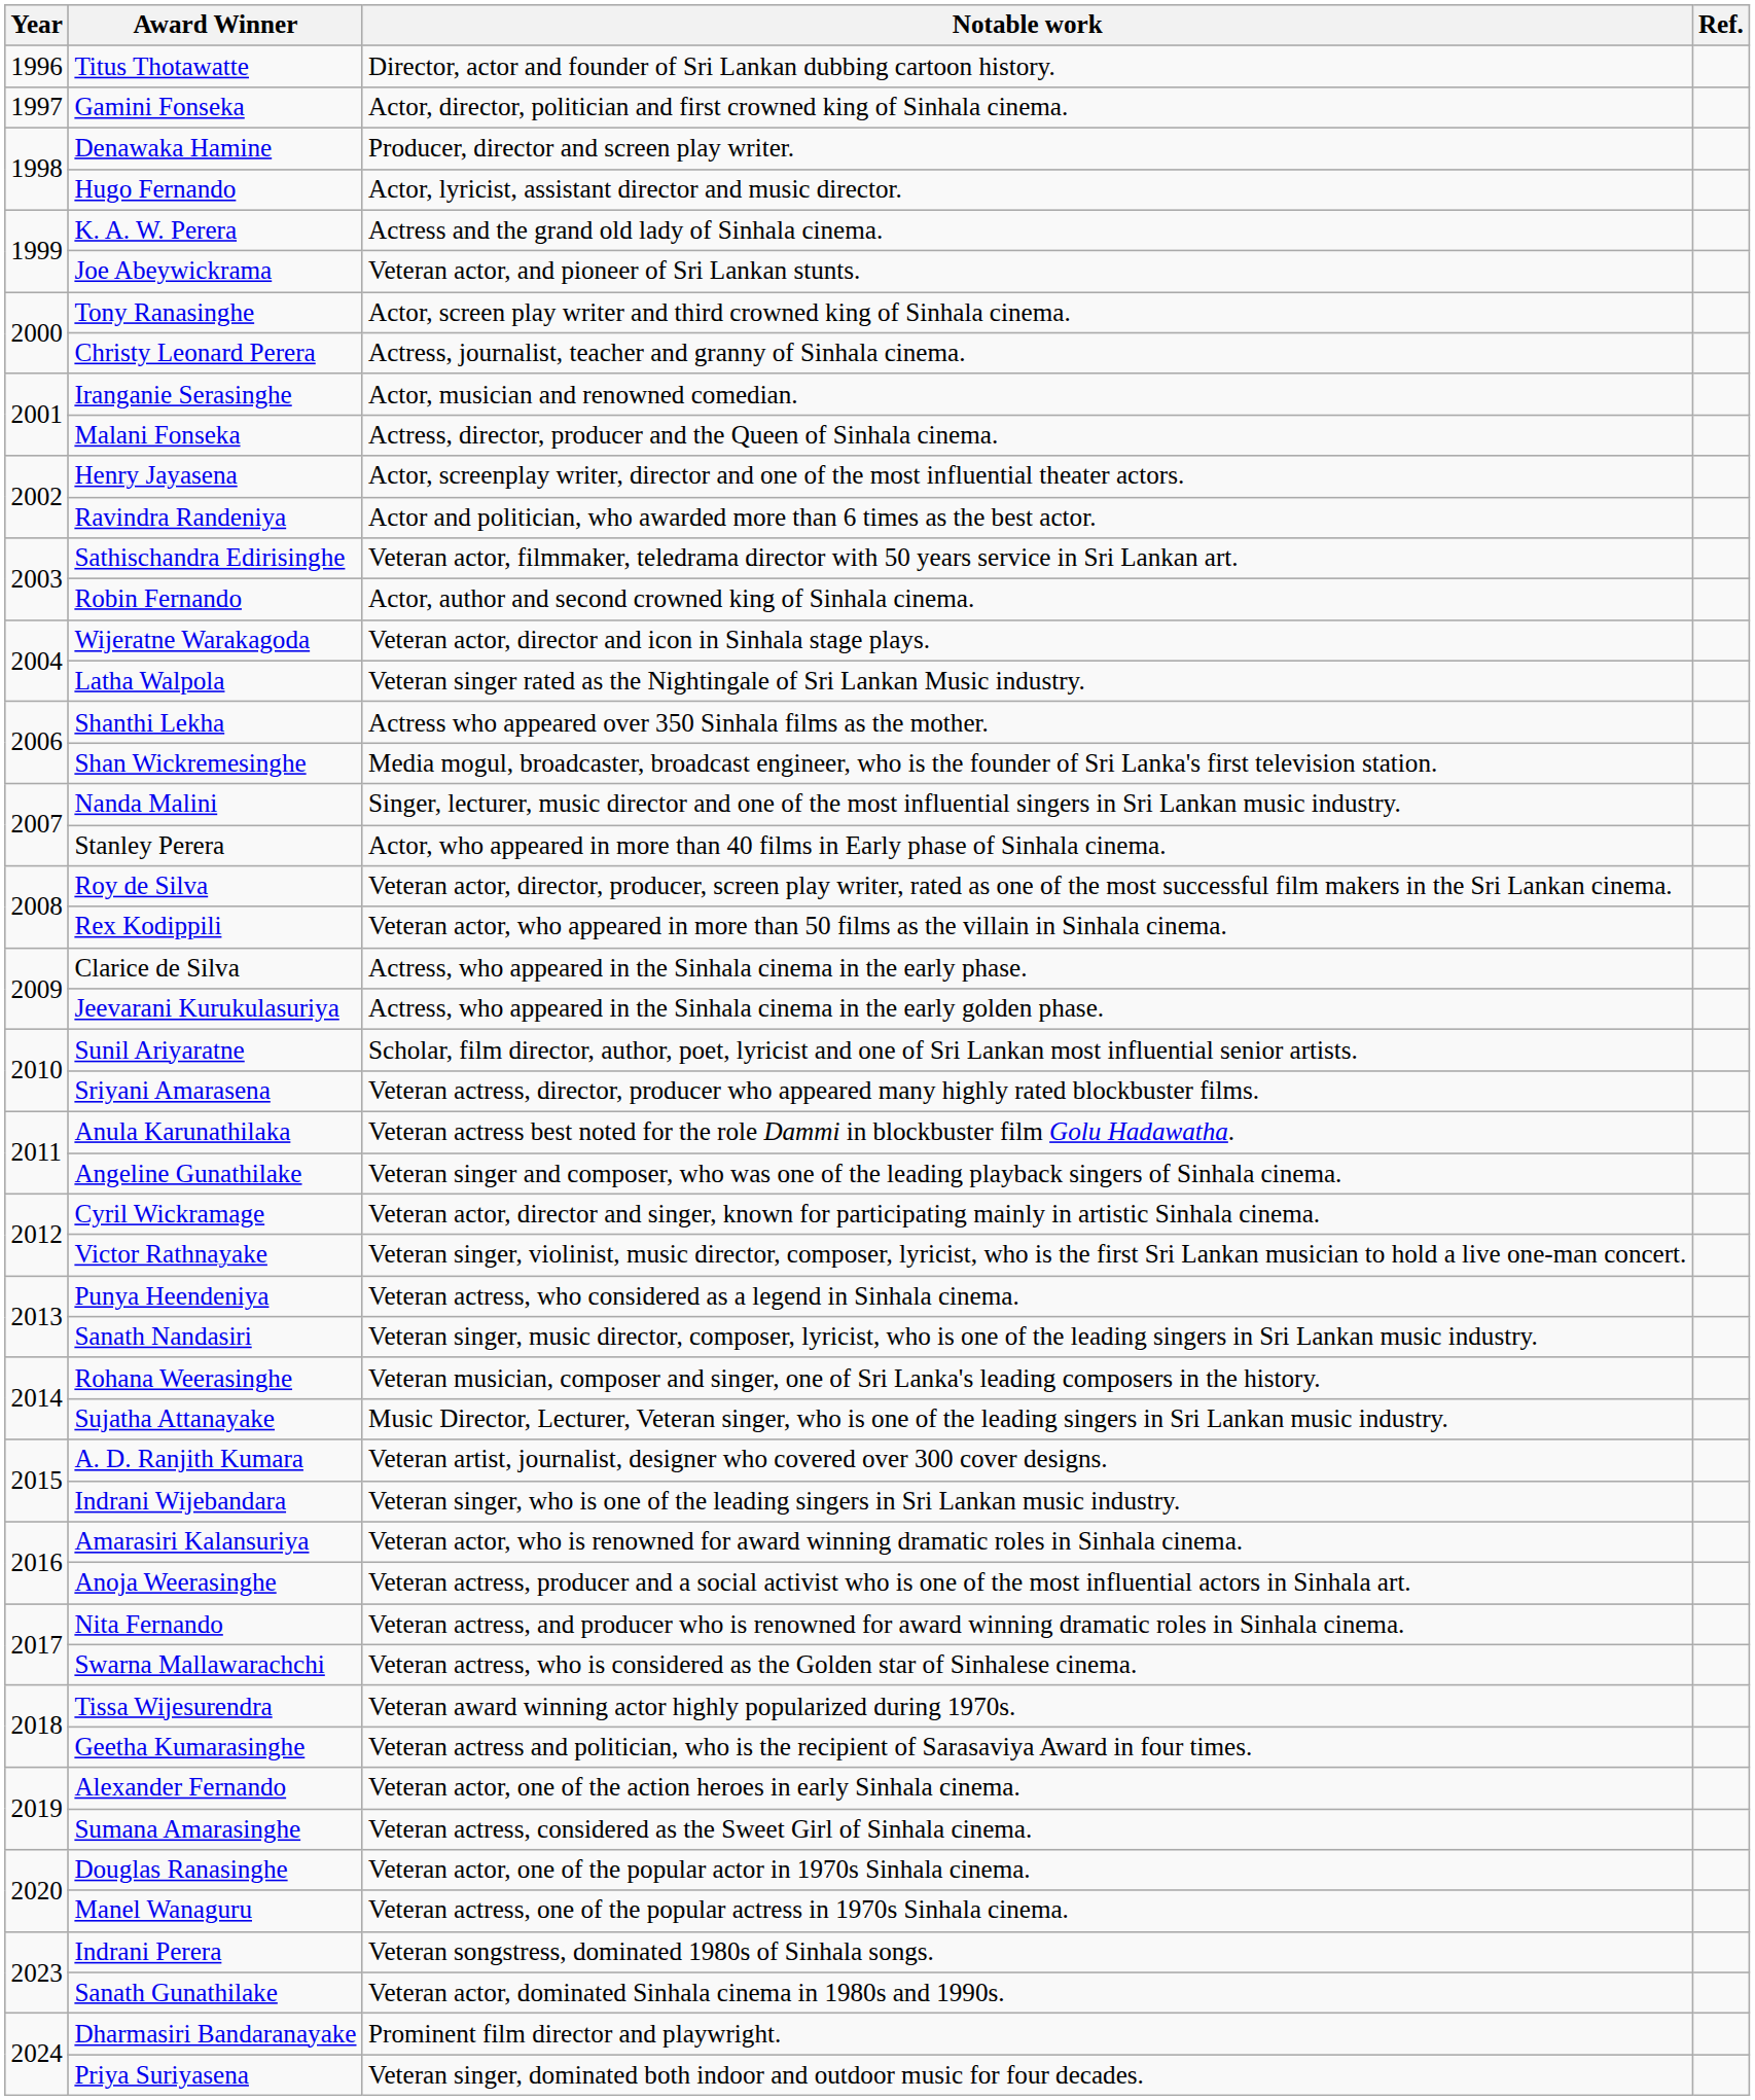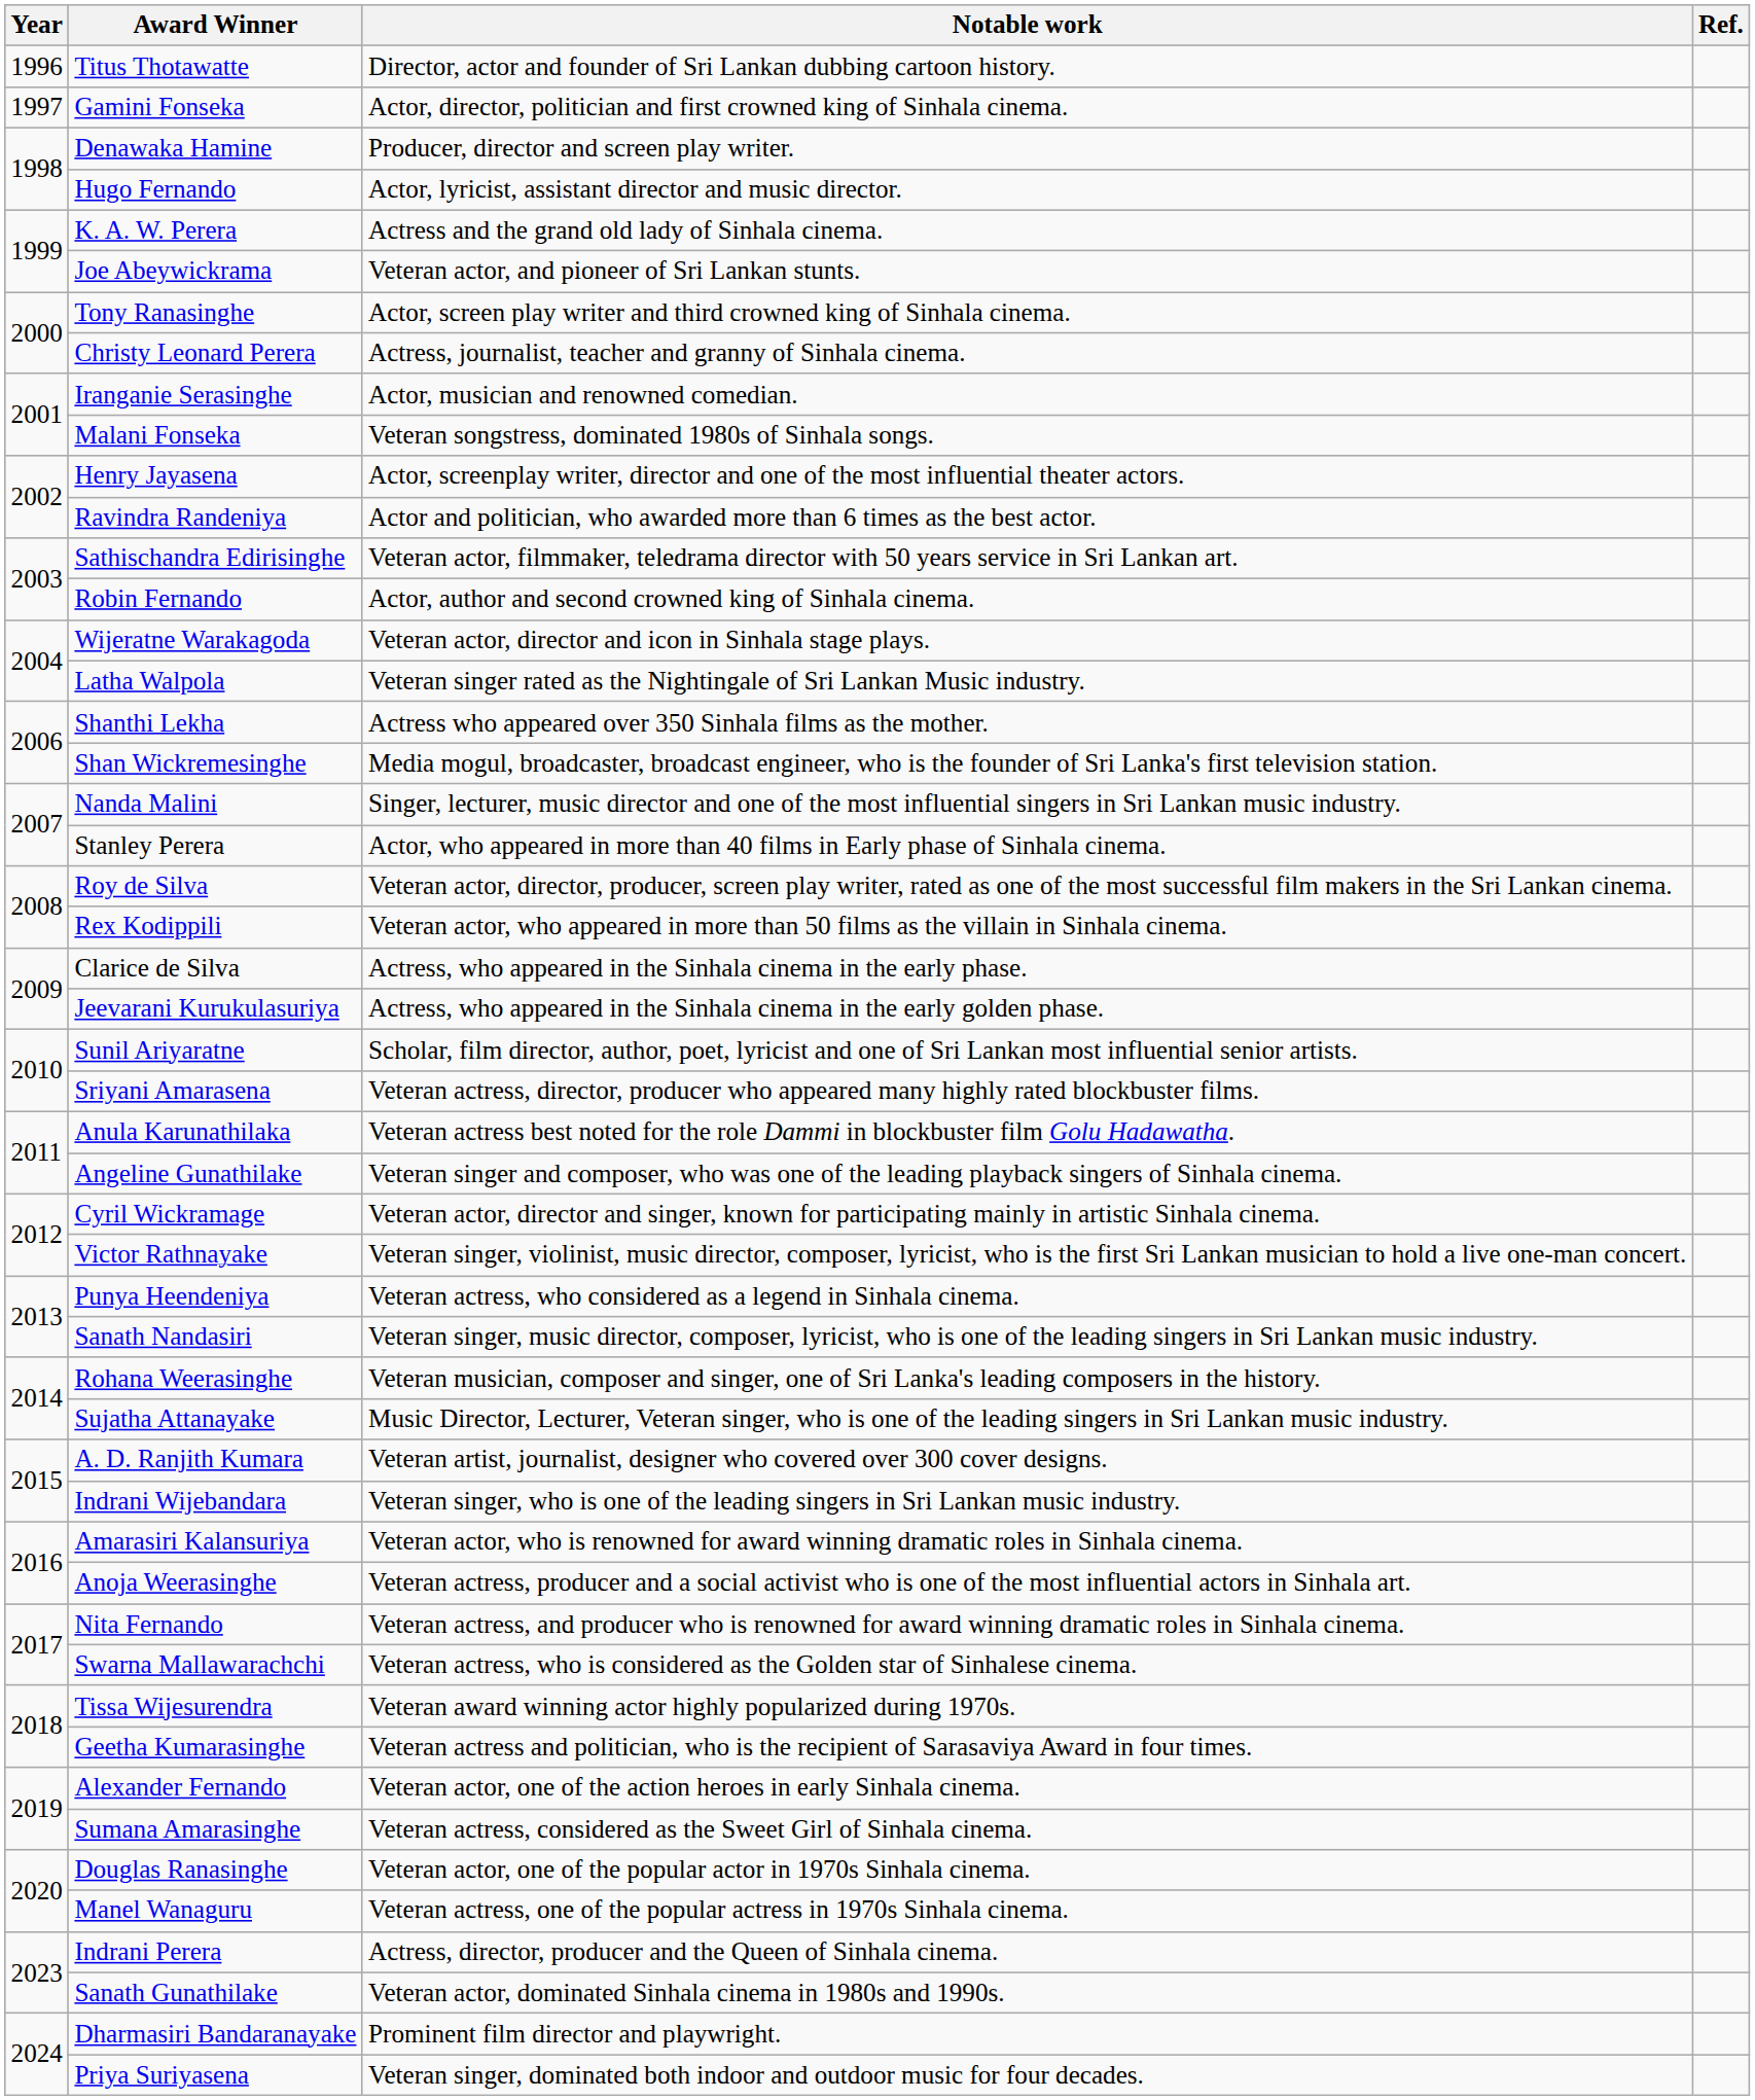 <table class="wikitable">
 <tr>
 <th>Year</th>
 <th>Award Winner</th>
 <th>Notable work</th>
 <th>Ref.</th>
 </tr>
 <tr>
 <td>1996</td>
 <td><a href='#'>Titus Thotawatte</a></td>
 <td>Director, actor and founder of Sri Lankan dubbing cartoon history.</td>
 <td></td>
 </tr>
 <tr>
 <td>1997</td>
 <td><a href='#'>Gamini Fonseka</a></td>
 <td>Actor, director, politician and first crowned king of Sinhala cinema.</td>
 <td></td>
 </tr>
 <tr>
 <td rowspan="2">1998</td>
 <td><a href='#'>Denawaka Hamine</a></td>
 <td>Producer, director and screen play writer.</td>
 <td></td>
 </tr>
 <tr>
 <td><a href='#'>Hugo Fernando</a></td>
 <td>Actor, lyricist, assistant director and music director.</td>
 <td></td>
 </tr>
 <tr>
 <td rowspan="2">1999</td>
 <td><a href='#'>K. A. W. Perera</a></td>
 <td>Actress and the grand old lady of Sinhala cinema.</td>
 <td></td>
 </tr>
 <tr>
 <td><a href='#'>Joe Abeywickrama</a></td>
 <td>Veteran actor, and pioneer of Sri Lankan stunts.</td>
 <td></td>
 </tr>
 <tr>
 <td rowspan="2">2000</td>
 <td><a href='#'>Tony Ranasinghe</a></td>
 <td>Actor, screen play writer and third crowned king of Sinhala cinema.</td>
 <td></td>
 </tr>
 <tr>
 <td><a href='#'>Christy Leonard Perera</a></td>
 <td>Actress, journalist, teacher and granny of Sinhala cinema.</td>
 <td></td>
 </tr>
 <tr>
 <td rowspan="2">2001</td>
 <td><a href='#'>Iranganie Serasinghe</a></td>
 <td>Actor, musician and renowned comedian.</td>
 <td></td>
 </tr>
 <tr>
 <td><a href='#'>Malani Fonseka</a></td>
-<td>Actress, director, producer and the Queen of Sinhala cinema.</td>
+<td>Veteran songstress, dominated 1980s of Sinhala songs.</td>
 <td></td>
 </tr>
 <tr>
 <td rowspan="2">2002</td>
 <td><a href='#'>Henry Jayasena</a></td>
 <td>Actor, screenplay writer, director and one of the most influential theater actors.</td>
 <td></td>
 </tr>
 <tr>
 <td><a href='#'>Ravindra Randeniya</a></td>
 <td>Actor and politician, who awarded more than 6 times as the best actor.</td>
 <td></td>
 </tr>
 <tr>
 <td rowspan="2">2003</td>
 <td><a href='#'>Sathischandra Edirisinghe</a></td>
 <td>Veteran actor, filmmaker, teledrama director with 50 years service in Sri Lankan art.</td>
 <td></td>
 </tr>
 <tr>
 <td><a href='#'>Robin Fernando</a></td>
 <td>Actor, author and second crowned king of Sinhala cinema.</td>
 <td></td>
 </tr>
 <tr>
 <td rowspan="2">2004</td>
 <td><a href='#'>Wijeratne Warakagoda</a></td>
 <td>Veteran actor, director and icon in Sinhala stage plays.</td>
 <td></td>
 </tr>
 <tr>
 <td><a href='#'>Latha Walpola</a></td>
 <td>Veteran singer rated as the Nightingale of Sri Lankan Music industry.</td>
 <td></td>
 </tr>
 <tr>
 <td rowspan="2">2006</td>
 <td><a href='#'>Shanthi Lekha</a></td>
 <td>Actress who appeared over 350 Sinhala films as the mother.</td>
 <td></td>
 </tr>
 <tr>
 <td><a href='#'>Shan Wickremesinghe</a></td>
 <td>Media mogul, broadcaster, broadcast engineer, who is the founder of Sri Lanka's first television station.</td>
 <td></td>
 </tr>
 <tr>
 <td rowspan="2">2007</td>
 <td><a href='#'>Nanda Malini</a></td>
 <td>Singer, lecturer, music director and one of the most influential singers in Sri Lankan music industry.</td>
 <td></td>
 </tr>
 <tr>
 <td>Stanley Perera</td>
 <td>Actor, who appeared in more than 40 films in Early phase of Sinhala cinema.</td>
 <td></td>
 </tr>
 <tr>
 <td rowspan="2">2008</td>
 <td><a href='#'>Roy de Silva</a></td>
 <td>Veteran actor, director, producer, screen play writer, rated as one of the most successful film makers in the Sri Lankan cinema.</td>
 <td></td>
 </tr>
 <tr>
 <td><a href='#'>Rex Kodippili</a></td>
 <td>Veteran actor, who appeared in more than 50 films as the villain in Sinhala cinema.</td>
 <td></td>
 </tr>
 <tr>
 <td rowspan="2">2009</td>
 <td>Clarice de Silva</td>
 <td>Actress, who appeared in the Sinhala cinema in the early phase.</td>
 <td></td>
 </tr>
 <tr>
 <td><a href='#'>Jeevarani Kurukulasuriya</a></td>
 <td>Actress, who appeared in the Sinhala cinema in the early golden phase.</td>
 <td></td>
 </tr>
 <tr>
 <td rowspan="2">2010</td>
 <td><a href='#'>Sunil Ariyaratne</a></td>
 <td>Scholar, film director, author, poet, lyricist and one of Sri Lankan most influential senior artists.</td>
 <td></td>
 </tr>
 <tr>
 <td><a href='#'>Sriyani Amarasena</a></td>
 <td>Veteran actress, director, producer who appeared many highly rated blockbuster films.</td>
 <td></td>
 </tr>
 <tr>
 <td rowspan="2">2011</td>
 <td><a href='#'>Anula Karunathilaka</a></td>
 <td>Veteran actress best noted for the role <em>Dammi</em> in blockbuster film <em><a href='#'>Golu Hadawatha</a></em>.</td>
 <td></td>
 </tr>
 <tr>
 <td><a href='#'>Angeline Gunathilake</a></td>
 <td>Veteran singer and composer, who was one of the leading playback singers of Sinhala cinema.</td>
 <td></td>
 </tr>
 <tr>
 <td rowspan="2">2012</td>
 <td><a href='#'>Cyril Wickramage</a></td>
 <td>Veteran actor, director and singer, known for participating mainly in artistic Sinhala cinema.</td>
 <td></td>
 </tr>
 <tr>
 <td><a href='#'>Victor Rathnayake</a></td>
 <td>Veteran singer, violinist, music director, composer, lyricist, who is the first Sri Lankan musician to hold a live one-man concert.</td>
 <td></td>
 </tr>
 <tr>
 <td rowspan="2">2013</td>
 <td><a href='#'>Punya Heendeniya</a></td>
 <td>Veteran actress, who considered as a legend in Sinhala cinema.</td>
 <td></td>
 </tr>
 <tr>
 <td><a href='#'>Sanath Nandasiri</a></td>
 <td>Veteran singer, music director, composer, lyricist, who is one of the leading singers in Sri Lankan music industry.</td>
 <td></td>
 </tr>
 <tr>
 <td rowspan="2">2014</td>
 <td><a href='#'>Rohana Weerasinghe</a></td>
 <td>Veteran musician, composer and singer, one of Sri Lanka's leading composers in the history.</td>
 <td></td>
 </tr>
 <tr>
 <td><a href='#'>Sujatha Attanayake</a></td>
 <td>Music Director, Lecturer, Veteran singer, who is one of the leading singers in Sri Lankan music industry.</td>
 <td></td>
 </tr>
 <tr>
 <td rowspan="2">2015</td>
 <td><a href='#'>A. D. Ranjith Kumara</a></td>
 <td>Veteran artist, journalist, designer who covered over 300 cover designs.</td>
 <td></td>
 </tr>
 <tr>
 <td><a href='#'>Indrani Wijebandara</a></td>
 <td>Veteran singer, who is one of the leading singers in Sri Lankan music industry.</td>
 <td></td>
 </tr>
 <tr>
 <td rowspan="2">2016</td>
 <td><a href='#'>Amarasiri Kalansuriya</a></td>
 <td>Veteran actor, who is renowned for award winning dramatic roles in Sinhala cinema.</td>
 <td></td>
 </tr>
 <tr>
 <td><a href='#'>Anoja Weerasinghe</a></td>
 <td>Veteran actress, producer and a social activist who is one of the most influential actors in Sinhala art.</td>
 <td></td>
 </tr>
 <tr>
 <td rowspan="2">2017</td>
 <td><a href='#'>Nita Fernando</a></td>
 <td>Veteran actress, and producer who is renowned for award winning dramatic roles in Sinhala cinema.</td>
 <td></td>
 </tr>
 <tr>
 <td><a href='#'>Swarna Mallawarachchi</a></td>
 <td>Veteran actress, who is considered as the Golden star of Sinhalese cinema.</td>
 <td></td>
 </tr>
 <tr>
 <td rowspan="2">2018</td>
 <td><a href='#'>Tissa Wijesurendra</a></td>
 <td>Veteran award winning actor highly popularized during 1970s.</td>
 <td></td>
 </tr>
 <tr>
 <td><a href='#'>Geetha Kumarasinghe</a></td>
 <td>Veteran actress and politician, who is the recipient of Sarasaviya Award in four times.</td>
 <td></td>
 </tr>
 <tr>
 <td rowspan="2">2019</td>
 <td><a href='#'>Alexander Fernando</a></td>
 <td>Veteran actor, one of the action heroes in early Sinhala cinema.</td>
 <td></td>
 </tr>
 <tr>
 <td><a href='#'>Sumana Amarasinghe</a></td>
 <td>Veteran actress, considered as the Sweet Girl of Sinhala cinema.</td>
 <td></td>
 </tr>
 <tr>
 <td rowspan="2">2020</td>
 <td><a href='#'>Douglas Ranasinghe</a></td>
 <td>Veteran actor, one of the popular actor in 1970s Sinhala cinema.</td>
 <td></td>
 </tr>
 <tr>
 <td><a href='#'>Manel Wanaguru</a></td>
 <td>Veteran actress, one of the popular actress in 1970s Sinhala cinema.</td>
 <td></td>
 </tr>
 <tr>
 <td rowspan="2">2023</td>
 <td><a href='#'>Indrani Perera</a></td>
-<td>Veteran songstress, dominated 1980s of Sinhala songs.</td>
+<td>Actress, director, producer and the Queen of Sinhala cinema.</td>
 <td></td>
 </tr>
 <tr>
 <td><a href='#'>Sanath Gunathilake</a></td>
 <td>Veteran actor, dominated Sinhala cinema  in 1980s and 1990s.</td>
 <td></td>
 </tr>
 <tr>
 <td rowspan="2">2024</td>
 <td><a href='#'>Dharmasiri Bandaranayake</a></td>
 <td>Prominent film director and playwright.</td>
 <td></td>
 </tr>
 <tr>
 <td><a href='#'>Priya Suriyasena</a></td>
 <td>Veteran singer, dominated both indoor and outdoor music for four decades.</td>
 <td></td>
 </tr>
 </table>
